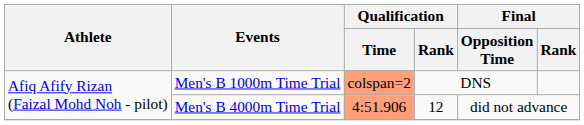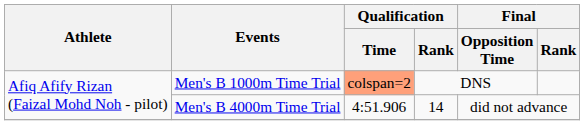 <table class=wikitable>
 <tr>
 <th rowspan="2">Athlete</th>
 <th rowspan="2">Events</th>
 <th colspan="2">Qualification</th>
 <th colspan="2">Final</th>
 </tr>
 <tr>
 <th>Time</th>
 <th>Rank</th>
 <th>Opposition<br>Time</th>
 <th>Rank</th>
 </tr>
 <tr>
 <td rowspan="2"><a href='#'>Afiq Afify Rizan</a><br>(<a href='#'>Faizal Mohd Noh</a> - pilot)</td>
 <td><a href='#'>Men's B 1000m Time Trial</a></td>
 <td style="background: lightsalmon;">colspan=2 </td>
 <td align="center" colspan=2>DNS</td>
 </tr>
 <tr>
 <td><a href='#'>Men's B 4000m Time Trial</a></td>
-<td align="center" style="background: lightsalmon;">4:51.906</td>
-<td align="center">12</td>
+<td align="center">4:51.906</td>
+<td align="center">14</td>
 <td align="center" colspan="2">did not advance</td>
 </tr>
 <tr>
 </tr>
 </table>
